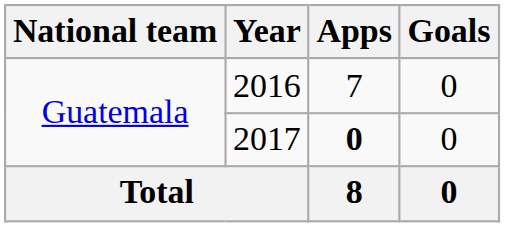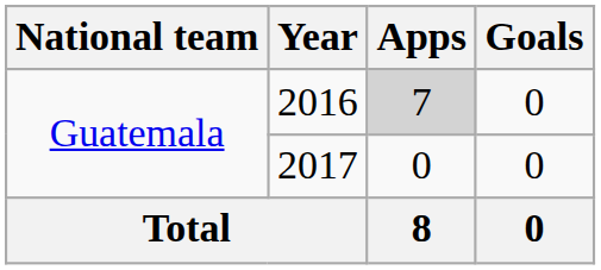 <table class="wikitable" style="text-align:center">
 <tr>
 <th>National team</th>
 <th>Year</th>
 <th>Apps</th>
 <th>Goals</th>
 </tr>
 <tr>
 <td rowspan="2"><a href='#'>Guatemala</a></td>
 <td>2016</td>
-<td>7</td>
+<td style="background: lightgrey;">7</td>
 <td>0</td>
 </tr>
 <tr>
 <td>2017</td>
-<td><strong>0</strong></td>
+<td>0</td>
 <td>0</td>
 </tr>
 <tr>
 <th colspan=2>Total</th>
 <th>8</th>
 <th>0</th>
 </tr>
 </table>
